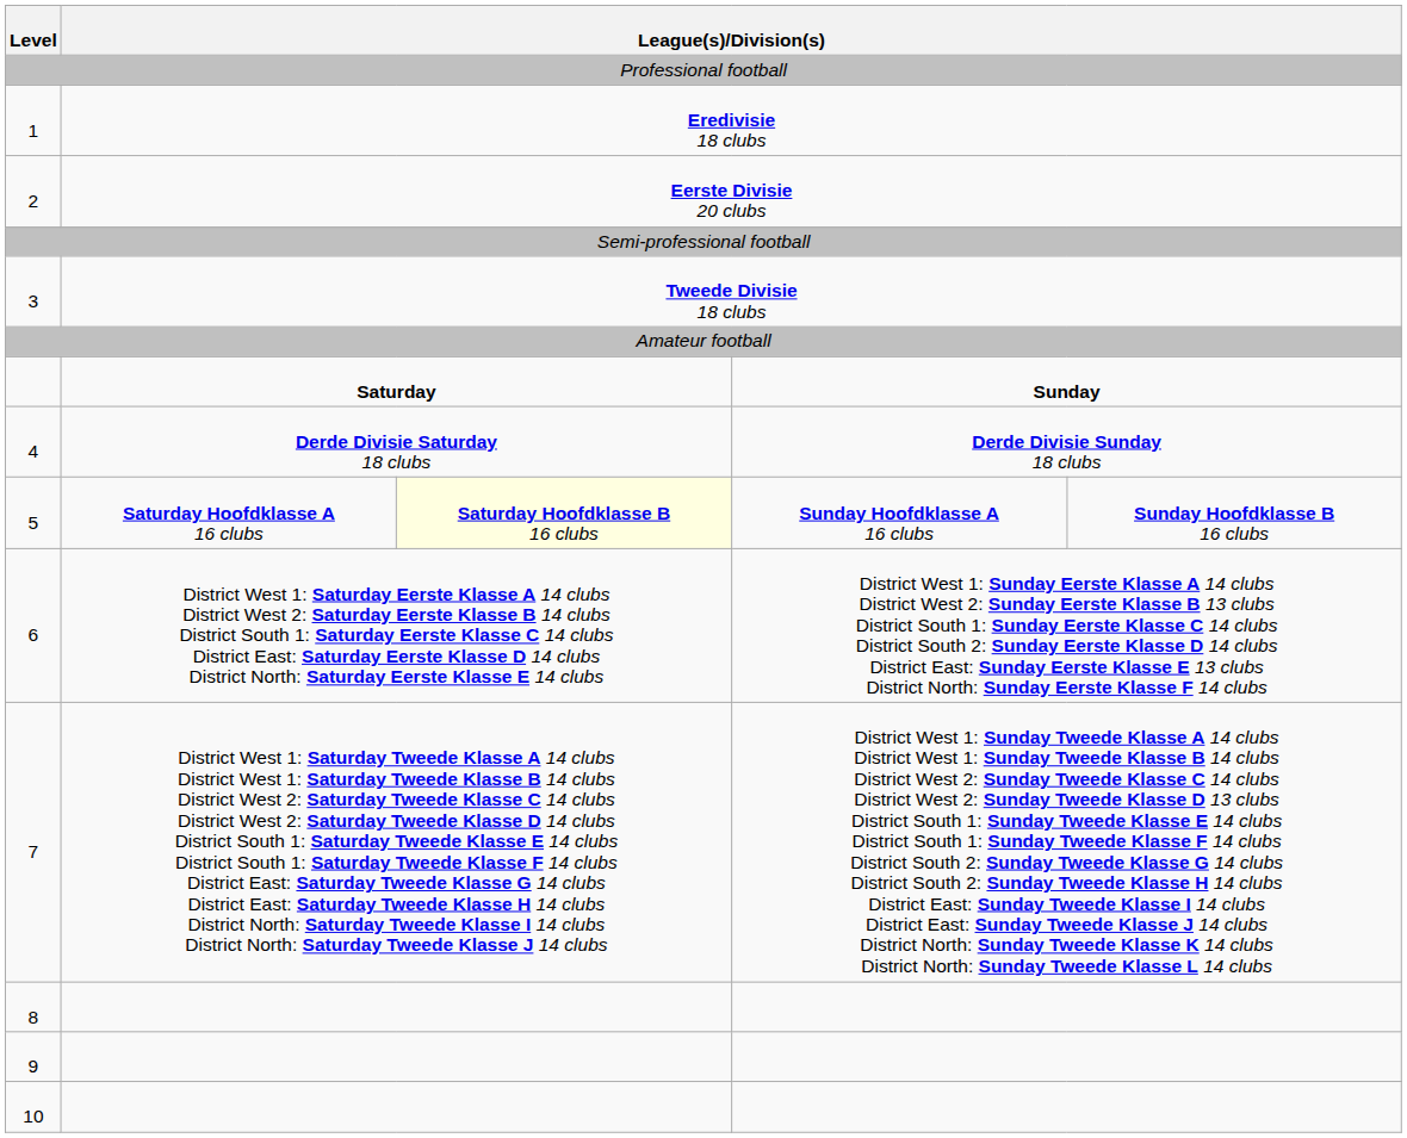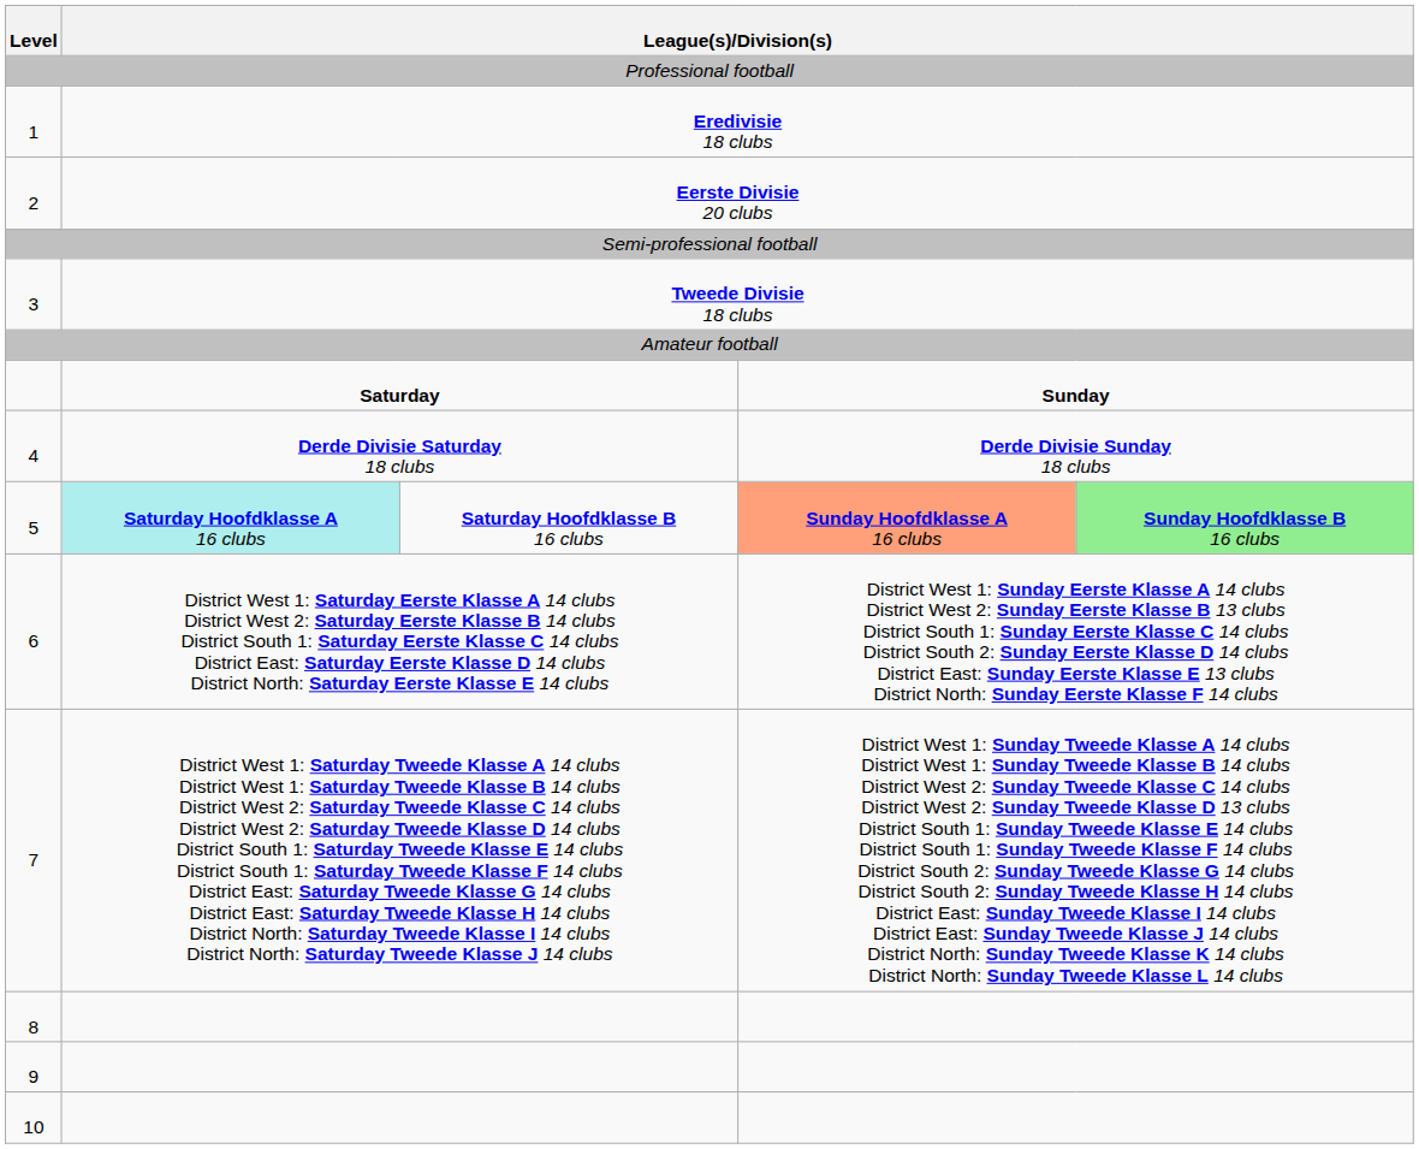 <table class="wikitable" style="text-align: center;">
 <tr>
 <th style="width:4%;"><br>Level</th>
 <th colspan="6" style="width:96%;"><br>League(s)/Division(s)</th>
 </tr>
 <tr>
 <td colspan="7"  style="background:silver; text-align:center;"><em>Professional football</em></td>
 </tr>
 <tr>
 <td style="width:4%;"><br>1</td>
 <td colspan="6" style="width:96%;"><br><strong><a href='#'>Eredivisie</a></strong><br> <em>18 clubs</em></td>
 </tr>
 <tr>
 <td style="width:4%;"><br>2</td>
 <td colspan="6" style="width:96%;"><br><strong><a href='#'>Eerste Divisie</a></strong><br> <em>20 clubs</em></td>
 </tr>
 <tr>
 <td colspan="7"  style="background:silver; text-align:center;"><em>Semi-professional football</em></td>
 </tr>
 <tr>
 <td style="width:4%;"><br>3</td>
 <td colspan="6" style="width:96%;"><br><strong><a href='#'>Tweede Divisie</a></strong><br> <em>18 clubs</em></td>
 </tr>
 <tr>
 <td colspan="7"  style="background:silver; text-align:center;"><em>Amateur football</em></td>
 </tr>
 <tr>
 <td style="width:4%;"></td>
 <td colspan="2" style="width:48%;"><br><strong>Saturday</strong></td>
 <td colspan="2" style="width:48%;"><br><strong>Sunday</strong></td>
 </tr>
 <tr>
 <td style="width:4%;"><br>4</td>
 <td colspan="2" style="width:48%;"><br><strong><a href='#'>Derde Divisie Saturday</a></strong><br> <em>18 clubs</em></td>
 <td colspan="2" style="width:48%;"><br><strong><a href='#'>Derde Divisie Sunday</a></strong><br> <em>18 clubs</em></td>
 </tr>
 <tr>
 <td style="width:4%;"><br>5</td>
-<td style="width:24%;"><br><strong><a href='#'>Saturday Hoofdklasse A</a></strong><br> <em>16 clubs</em></td>
-<td style="background: lightyellow; width:24%;"><br><strong><a href='#'>Saturday Hoofdklasse B</a></strong><br> <em>16 clubs</em></td>
-<td style="width:24%;"><br><strong><a href='#'>Sunday Hoofdklasse A</a></strong><br> <em>16 clubs</em></td>
-<td style="width:24%;"><br><strong><a href='#'>Sunday Hoofdklasse B</a></strong><br> <em>16 clubs</em></td>
+<td style="background: paleturquoise; width:24%;"><br><strong><a href='#'>Saturday Hoofdklasse A</a></strong><br> <em>16 clubs</em></td>
+<td style="width:24%;"><br><strong><a href='#'>Saturday Hoofdklasse B</a></strong><br> <em>16 clubs</em></td>
+<td style="background: lightsalmon; width:24%;"><br><strong><a href='#'>Sunday Hoofdklasse A</a></strong><br> <em>16 clubs</em></td>
+<td style="background: lightgreen; width:24%;"><br><strong><a href='#'>Sunday Hoofdklasse B</a></strong><br> <em>16 clubs</em></td>
 </tr>
 <tr>
 <td style="width:4%;"><br>6</td>
 <td colspan="2" style="width:48%;"><br>District West 1: <strong><a href='#'>Saturday Eerste Klasse A</a></strong> <em>14 clubs</em> <br> District West 2: <strong><a href='#'>Saturday Eerste Klasse B</a></strong> <em>14 clubs</em> <br> District South 1: <strong><a href='#'>Saturday Eerste Klasse C</a></strong> <em>14 clubs</em> <br> District East: <strong><a href='#'>Saturday Eerste Klasse D</a></strong> <em>14 clubs</em> <br> District North: <strong><a href='#'>Saturday Eerste Klasse E</a></strong> <em>14 clubs</em> <br> </td>
 <td colspan="2" style="width:48%;"><br>District West 1: <strong><a href='#'>Sunday Eerste Klasse A</a></strong> <em>14 clubs</em> <br> District West 2: <strong><a href='#'>Sunday Eerste Klasse B</a></strong> <em>13 clubs</em> <br> District South 1: <strong><a href='#'>Sunday Eerste Klasse C</a></strong> <em>14 clubs</em> <br> District South 2: <strong><a href='#'>Sunday Eerste Klasse D</a></strong> <em>14 clubs</em> <br> District East: <strong><a href='#'>Sunday Eerste Klasse E</a></strong> <em>13 clubs</em> <br> District North: <strong><a href='#'>Sunday Eerste Klasse F</a></strong> <em>14 clubs</em> <br> </td>
 </tr>
 <tr>
 <td style="width:4%;"><br>7</td>
 <td colspan="2" style="width:48%;"><br>District West 1: <strong><a href='#'>Saturday Tweede Klasse A</a></strong> <em>14 clubs</em> <br> District West 1: <strong><a href='#'>Saturday Tweede Klasse B</a></strong> <em>14 clubs</em> <br> District West 2: <strong><a href='#'>Saturday Tweede Klasse C</a></strong> <em>14 clubs</em> <br> District West 2: <strong><a href='#'>Saturday Tweede Klasse D</a></strong> <em>14 clubs</em> <br> District South 1: <strong><a href='#'>Saturday Tweede Klasse E</a></strong> <em>14 clubs</em> <br> District South 1: <strong><a href='#'>Saturday Tweede Klasse F</a></strong> <em>14 clubs</em> <br> District East: <strong><a href='#'>Saturday Tweede Klasse G</a></strong> <em>14 clubs</em> <br> District East: <strong><a href='#'>Saturday Tweede Klasse H</a></strong> <em>14 clubs</em> <br> District North: <strong><a href='#'>Saturday Tweede Klasse I</a></strong> <em>14 clubs</em> <br> District North: <strong><a href='#'>Saturday Tweede Klasse J</a></strong> <em>14 clubs</em> <br> </td>
 <td colspan="2" style="width:48%;"><br>District West 1: <strong><a href='#'>Sunday Tweede Klasse A</a></strong> <em>14 clubs</em> <br> District West 1: <strong><a href='#'>Sunday Tweede Klasse B</a></strong> <em>14 clubs</em> <br> District West 2: <strong><a href='#'>Sunday Tweede Klasse C</a></strong> <em>14 clubs</em> <br> District West 2: <strong><a href='#'>Sunday Tweede Klasse D</a></strong> <em>13 clubs</em> <br> District South 1: <strong><a href='#'>Sunday Tweede Klasse E</a></strong> <em>14 clubs</em> <br> District South 1: <strong><a href='#'>Sunday Tweede Klasse F</a></strong> <em>14 clubs</em> <br> District South 2: <strong><a href='#'>Sunday Tweede Klasse G</a></strong> <em>14 clubs</em> <br> District South 2: <strong><a href='#'>Sunday Tweede Klasse H</a></strong> <em>14 clubs</em> <br> District East: <strong><a href='#'>Sunday Tweede Klasse I</a></strong> <em>14 clubs</em> <br> District East: <strong><a href='#'>Sunday Tweede Klasse J</a></strong> <em>14 clubs</em> <br> District North: <strong><a href='#'>Sunday Tweede Klasse K</a></strong> <em>14 clubs</em> <br> District North: <strong><a href='#'>Sunday Tweede Klasse L</a></strong> <em>14 clubs</em> <br> </td>
 </tr>
 <tr>
 <td style="width:4%;"><br>8</td>
 <td colspan="2" style="width:48%;"><br></td>
 <td colspan="2" style="width:48%;"><br></td>
 </tr>
 <tr>
 <td style="width:4%;"><br>9</td>
 <td colspan="2" style="width:48%;"><br></td>
 <td colspan="2" style="width:48%;"><br></td>
 </tr>
 <tr>
 <td style="width:4%;"><br>10</td>
 <td colspan="2" style="width:48%;"><br></td>
 <td colspan="2" style="width:48%;"><br></td>
 </tr>
 </table>
